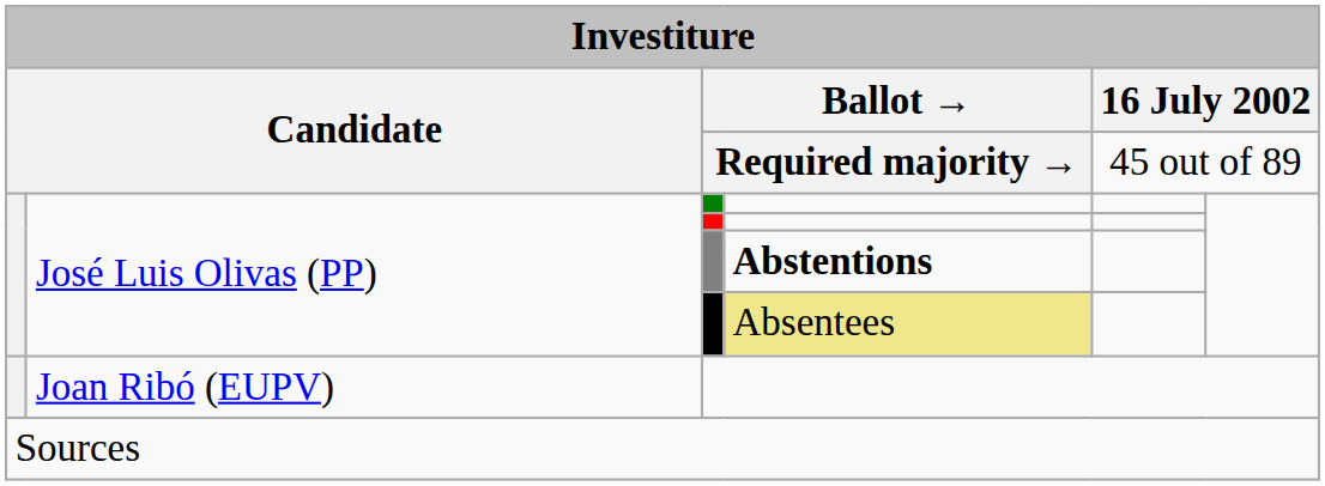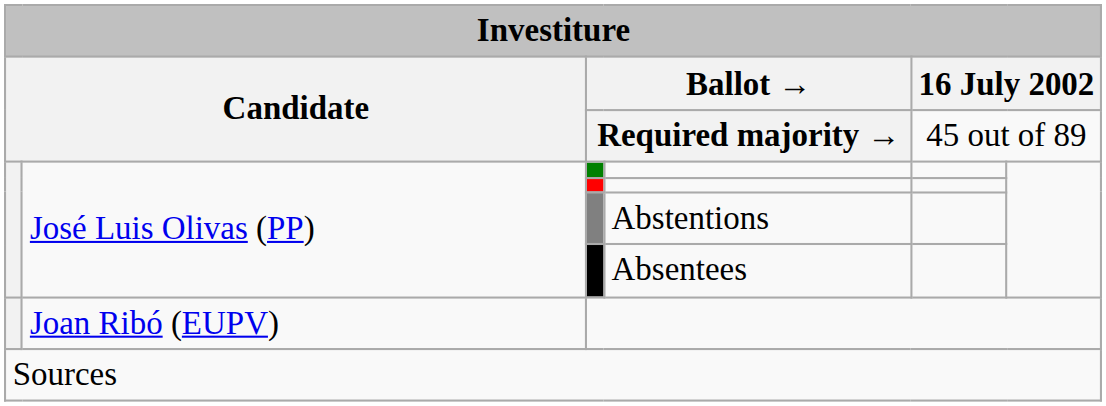 <table class="wikitable" style="text-align:center;">
 <tr>
 <td colspan="6" align="center" bgcolor="#C0C0C0"><strong>Investiture</strong></td>
 </tr>
 <tr>
 <th colspan="2" rowspan="2" width="275px">Candidate</th>
 <th colspan="2" width="150px">Ballot →</th>
 <th colspan="2">16 July 2002</th>
 </tr>
 <tr>
 <th colspan="2">Required majority →</th>
 <td colspan="2">45 out of 89</td>
 </tr>
 <tr>
 <th width="1px" rowspan="4" style="background:"></th>
 <td rowspan="4" align="left"><a href='#'>José Luis Olivas</a> (<a href='#'>PP</a>)</td>
 <th width="1px" style="background:green;"></th>
 <td align="left"></td>
 <td></td>
 <td rowspan="4"></td>
 </tr>
 <tr>
 <th style="color:inherit;background:red;"></th>
 <td align="left"></td>
 <td></td>
 </tr>
 <tr>
 <th style="color:inherit;background:gray;"></th>
-<td align="left"><strong><span>Abstentions</span></strong></td>
+<td align="left"><span>Abstentions</span></td>
 <td></td>
 </tr>
 <tr>
 <th style="color:inherit;background:black;"></th>
-<td align="left" style="background: khaki;"><span>Absentees</span></td>
+<td align="left"><span>Absentees</span></td>
 <td></td>
 </tr>
 <tr>
 <th style="color:inherit;background:"></th>
 <td align="left"><a href='#'>Joan Ribó</a> (<a href='#'>EUPV</a>)</td>
 <td colspan="4"><em></em></td>
 </tr>
 <tr>
 <td align="left" colspan="6">Sources</td>
 </tr>
 </table>
